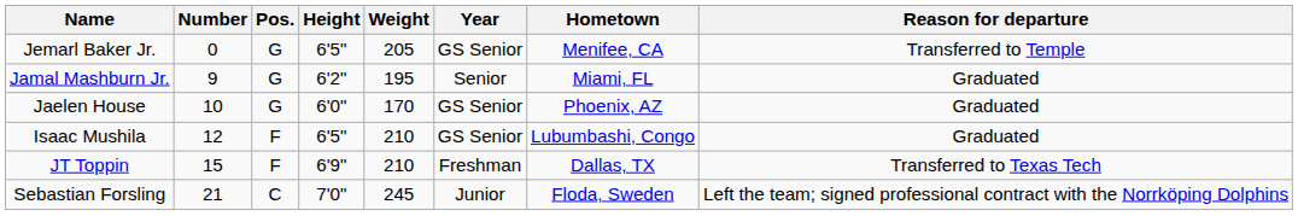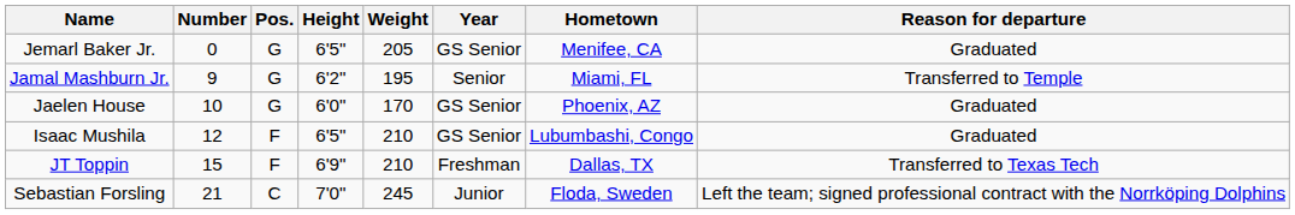 <table class="wikitable sortable sortable" style="text-align:center">
 <tr align=center>
 <th>Name</th>
 <th>Number</th>
 <th>Pos.</th>
 <th>Height</th>
 <th>Weight</th>
 <th>Year</th>
 <th>Hometown</th>
 <th class="unsortable">Reason for departure</th>
 </tr>
 <tr>
 <td>Jemarl Baker Jr.</td>
 <td>0</td>
 <td>G</td>
 <td>6'5"</td>
 <td>205</td>
 <td>GS Senior</td>
 <td><a href='#'>Menifee, CA</a></td>
-<td>Transferred to <a href='#'>Temple</a></td>
+<td>Graduated</td>
 </tr>
 <tr>
 <td><a href='#'>Jamal Mashburn Jr.</a></td>
 <td>9</td>
 <td>G</td>
 <td>6'2"</td>
 <td>195</td>
 <td>Senior</td>
 <td><a href='#'>Miami, FL</a></td>
-<td>Graduated</td>
+<td>Transferred to <a href='#'>Temple</a></td>
 </tr>
 <tr>
 <td>Jaelen House</td>
 <td>10</td>
 <td>G</td>
 <td>6'0"</td>
 <td>170</td>
 <td>GS Senior</td>
 <td><a href='#'>Phoenix, AZ</a></td>
 <td>Graduated</td>
 </tr>
 <tr>
 <td>Isaac Mushila</td>
 <td>12</td>
 <td>F</td>
 <td>6'5"</td>
 <td>210</td>
 <td>GS Senior</td>
 <td><a href='#'>Lubumbashi, Congo</a></td>
 <td>Graduated</td>
 </tr>
 <tr>
 <td><a href='#'>JT Toppin</a></td>
 <td>15</td>
 <td>F</td>
 <td>6'9"</td>
 <td>210</td>
 <td>Freshman</td>
 <td><a href='#'>Dallas, TX</a></td>
 <td>Transferred to <a href='#'>Texas Tech</a></td>
 </tr>
 <tr>
 <td>Sebastian Forsling</td>
 <td>21</td>
 <td>C</td>
 <td>7'0"</td>
 <td>245</td>
 <td>Junior</td>
 <td><a href='#'>Floda, Sweden</a></td>
 <td>Left the team; signed professional contract with the <a href='#'>Norrköping Dolphins</a></td>
 </tr>
 </table>
